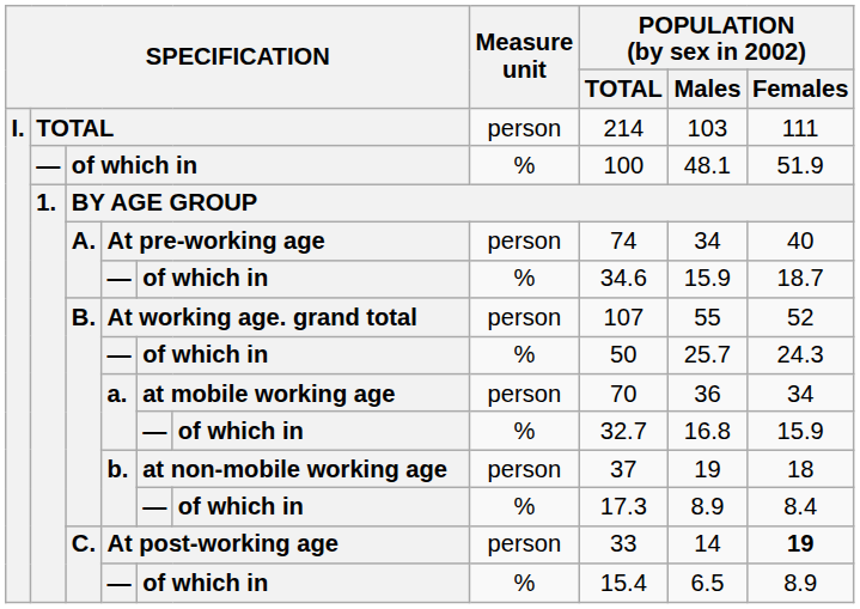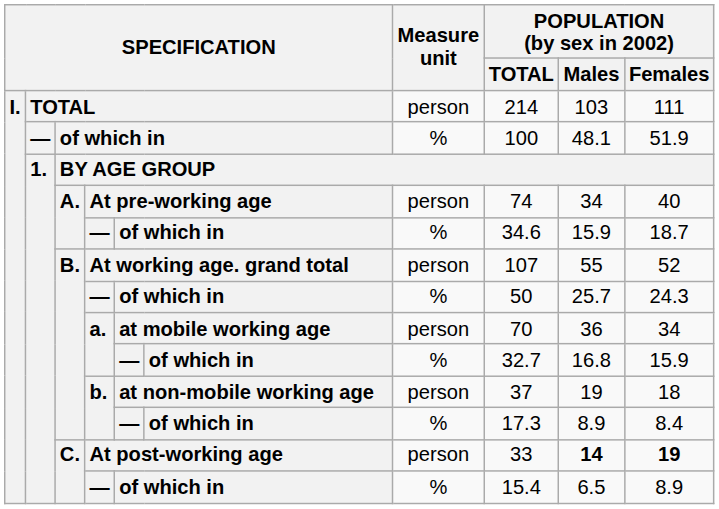 <table class="wikitable" style="font-size:85%; text-align:center">
 <tr>
 <th rowspan="2" colspan="6">SPECIFICATION</th>
 <th rowspan="2">Measure<br> unit</th>
 <th colspan="3" rowspan="1">POPULATION<br> (by sex in 2002)</th>
 </tr>
 <tr>
 <th>TOTAL</th>
 <th>Males</th>
 <th>Females</th>
 </tr>
 <tr>
 <th style="text-align:left" valign="top" rowspan="13">I.</th>
 <th style="text-align:left" colspan="5">TOTAL</th>
 <td>person</td>
 <td>214</td>
 <td>103</td>
 <td>111</td>
 </tr>
 <tr>
 <th style="text-align:left" valign="top">—</th>
 <th style="text-align:left" colspan="4">of which in</th>
 <td>%</td>
 <td>100</td>
 <td>48.1</td>
 <td>51.9</td>
 </tr>
 <tr>
 <th style="text-align:left" valign="top" rowspan="11">1.</th>
 <th style="text-align:left" colspan="19">BY AGE GROUP</th>
 </tr>
 <tr>
 <th style="text-align:left" valign="top" rowspan="2">A.</th>
 <th style="text-align:left" colspan="3">At pre-working age</th>
 <td>person</td>
 <td>74</td>
 <td>34</td>
 <td>40</td>
 </tr>
 <tr>
 <th style="text-align:left" valign="top">—</th>
 <th style="text-align:left" valign="top" colspan="2">of which in</th>
 <td>%</td>
 <td>34.6</td>
 <td>15.9</td>
 <td>18.7</td>
 </tr>
 <tr>
 <th style="text-align:left" valign="top" rowspan="6">B.</th>
 <th style="text-align:left" colspan="3">At working age. grand total</th>
 <td>person</td>
 <td>107</td>
 <td>55</td>
 <td>52</td>
 </tr>
 <tr>
 <th style="text-align:left" valign="top">—</th>
 <th style="text-align:left" valign="top" colspan="2">of which in</th>
 <td>%</td>
 <td>50</td>
 <td>25.7</td>
 <td>24.3</td>
 </tr>
 <tr>
 <th style="text-align:left" valign="top" rowspan="2">a.</th>
 <th style="text-align:left" colspan="2">at mobile working age</th>
 <td>person</td>
 <td>70</td>
 <td>36</td>
 <td>34</td>
 </tr>
 <tr>
 <th style="text-align:left" valign="top">—</th>
 <th style="text-align:left" valign="top" colspan="1">of which in                        </th>
 <td>%</td>
 <td>32.7</td>
 <td>16.8</td>
 <td>15.9</td>
 </tr>
 <tr>
 <th style="text-align:left" valign="top" rowspan="2">b.</th>
 <th style="text-align:left" colspan="2">at non-mobile working age</th>
 <td>person</td>
 <td>37</td>
 <td>19</td>
 <td>18</td>
 </tr>
 <tr>
 <th style="text-align:left" valign="top">—</th>
 <th style="text-align:left" valign="top" colspan="1">of which in                        </th>
 <td>%</td>
 <td>17.3</td>
 <td>8.9</td>
 <td>8.4</td>
 </tr>
 <tr>
 <th style="text-align:left" valign="top" rowspan="2">C.</th>
 <th style="text-align:left" colspan="3">At post-working age</th>
 <td>person</td>
 <td>33</td>
-<td>14</td>
+<td><strong>14</strong></td>
 <td><strong>19</strong></td>
 </tr>
 <tr>
 <th style="text-align:left" valign="top">—</th>
 <th style="text-align:left" valign="top" colspan="2">of which in</th>
 <td>%</td>
 <td>15.4</td>
 <td>6.5</td>
 <td>8.9</td>
 </tr>
 </table>
